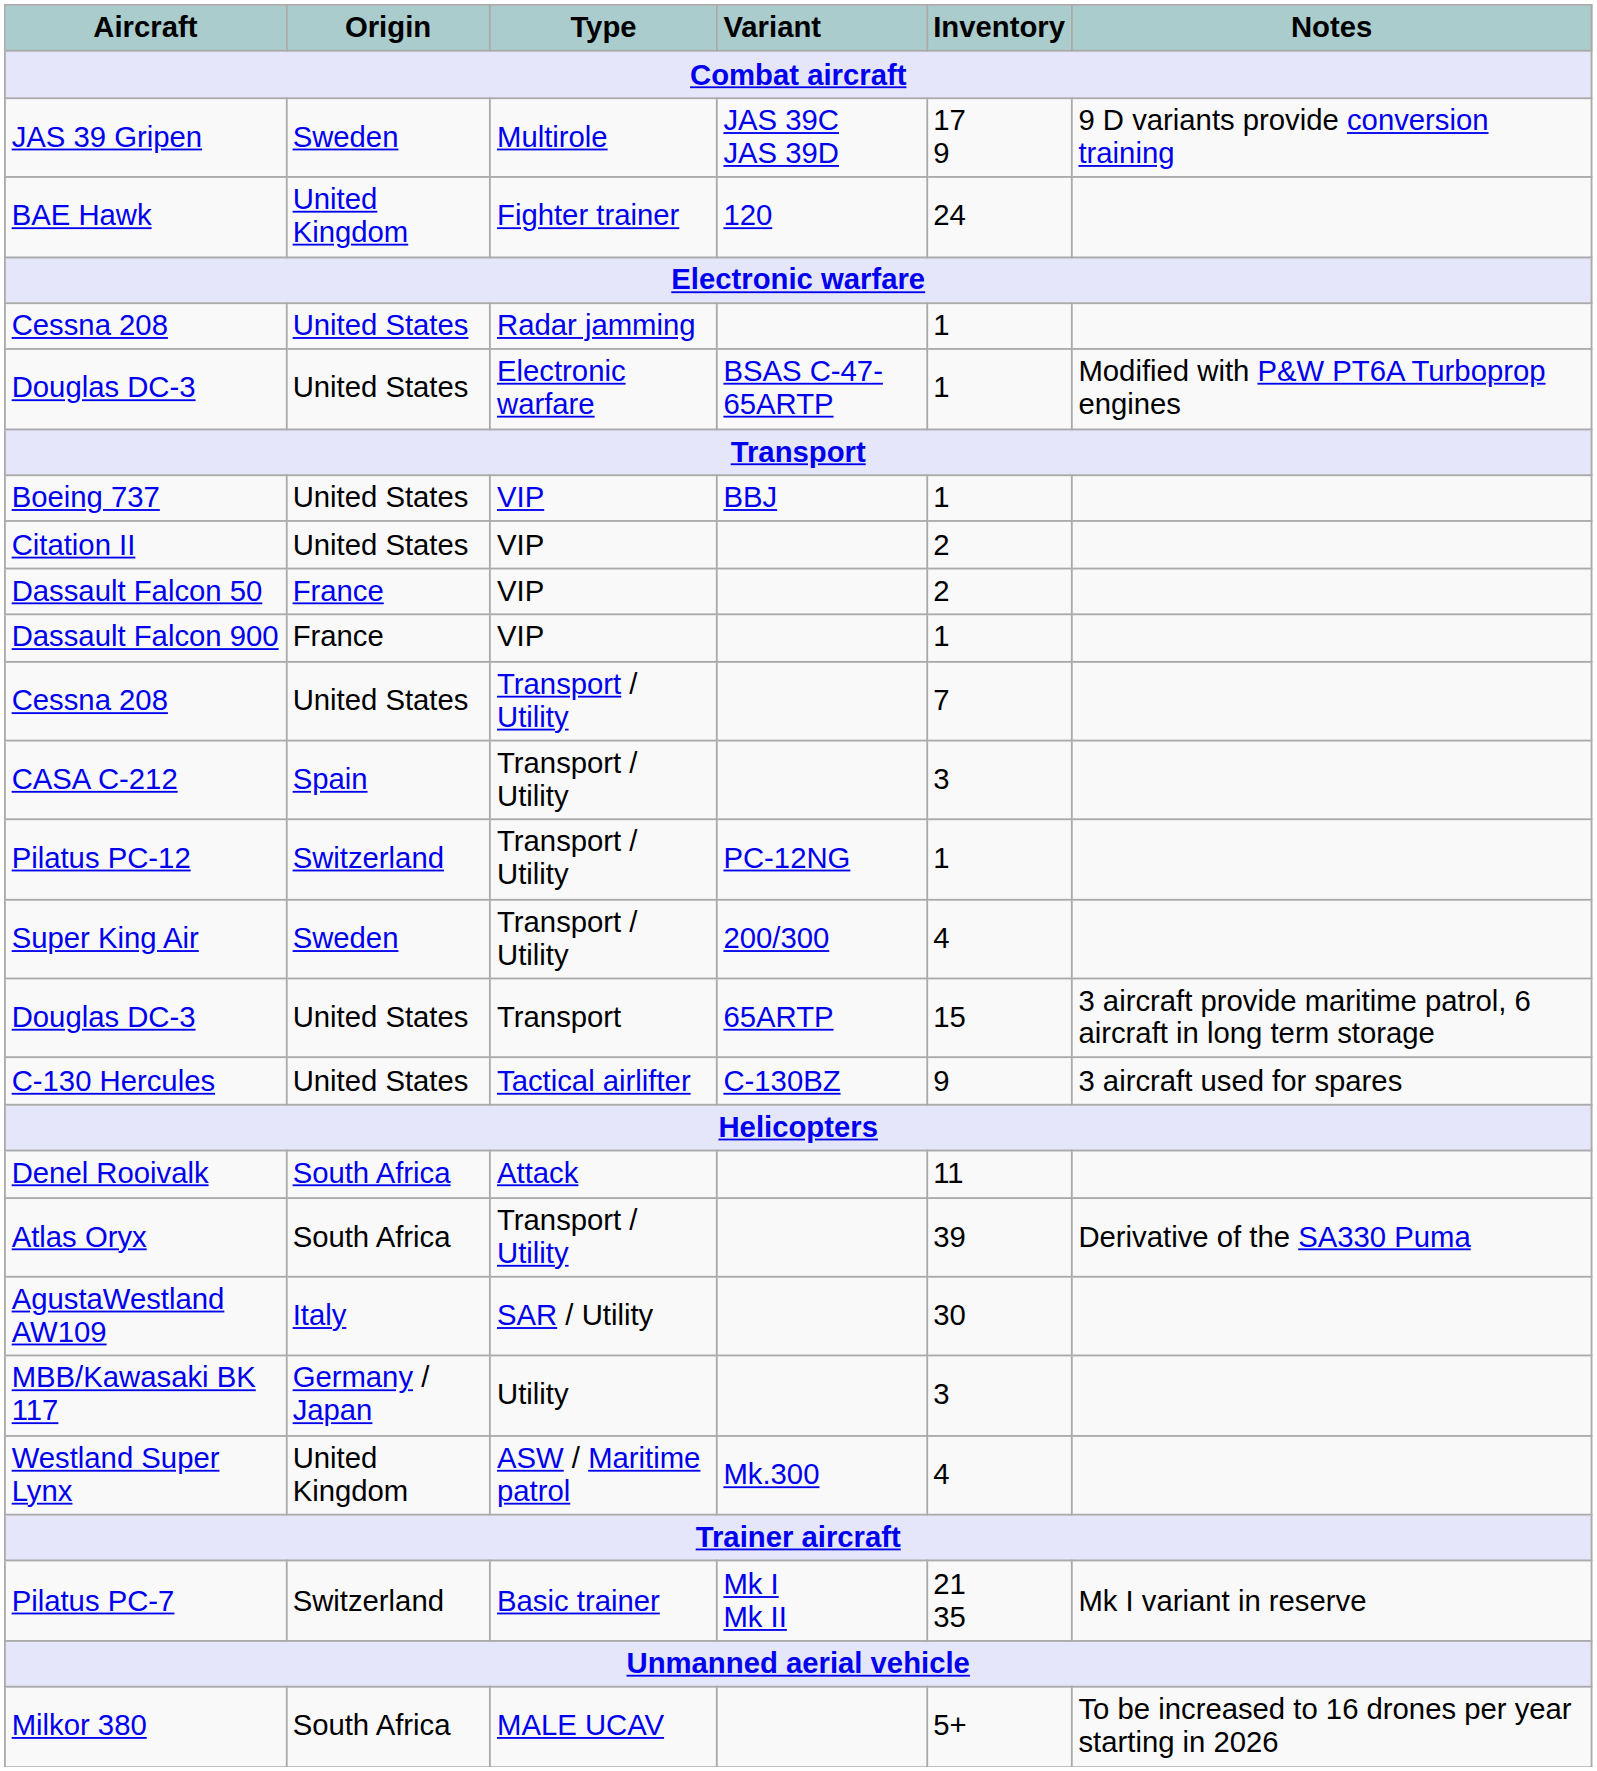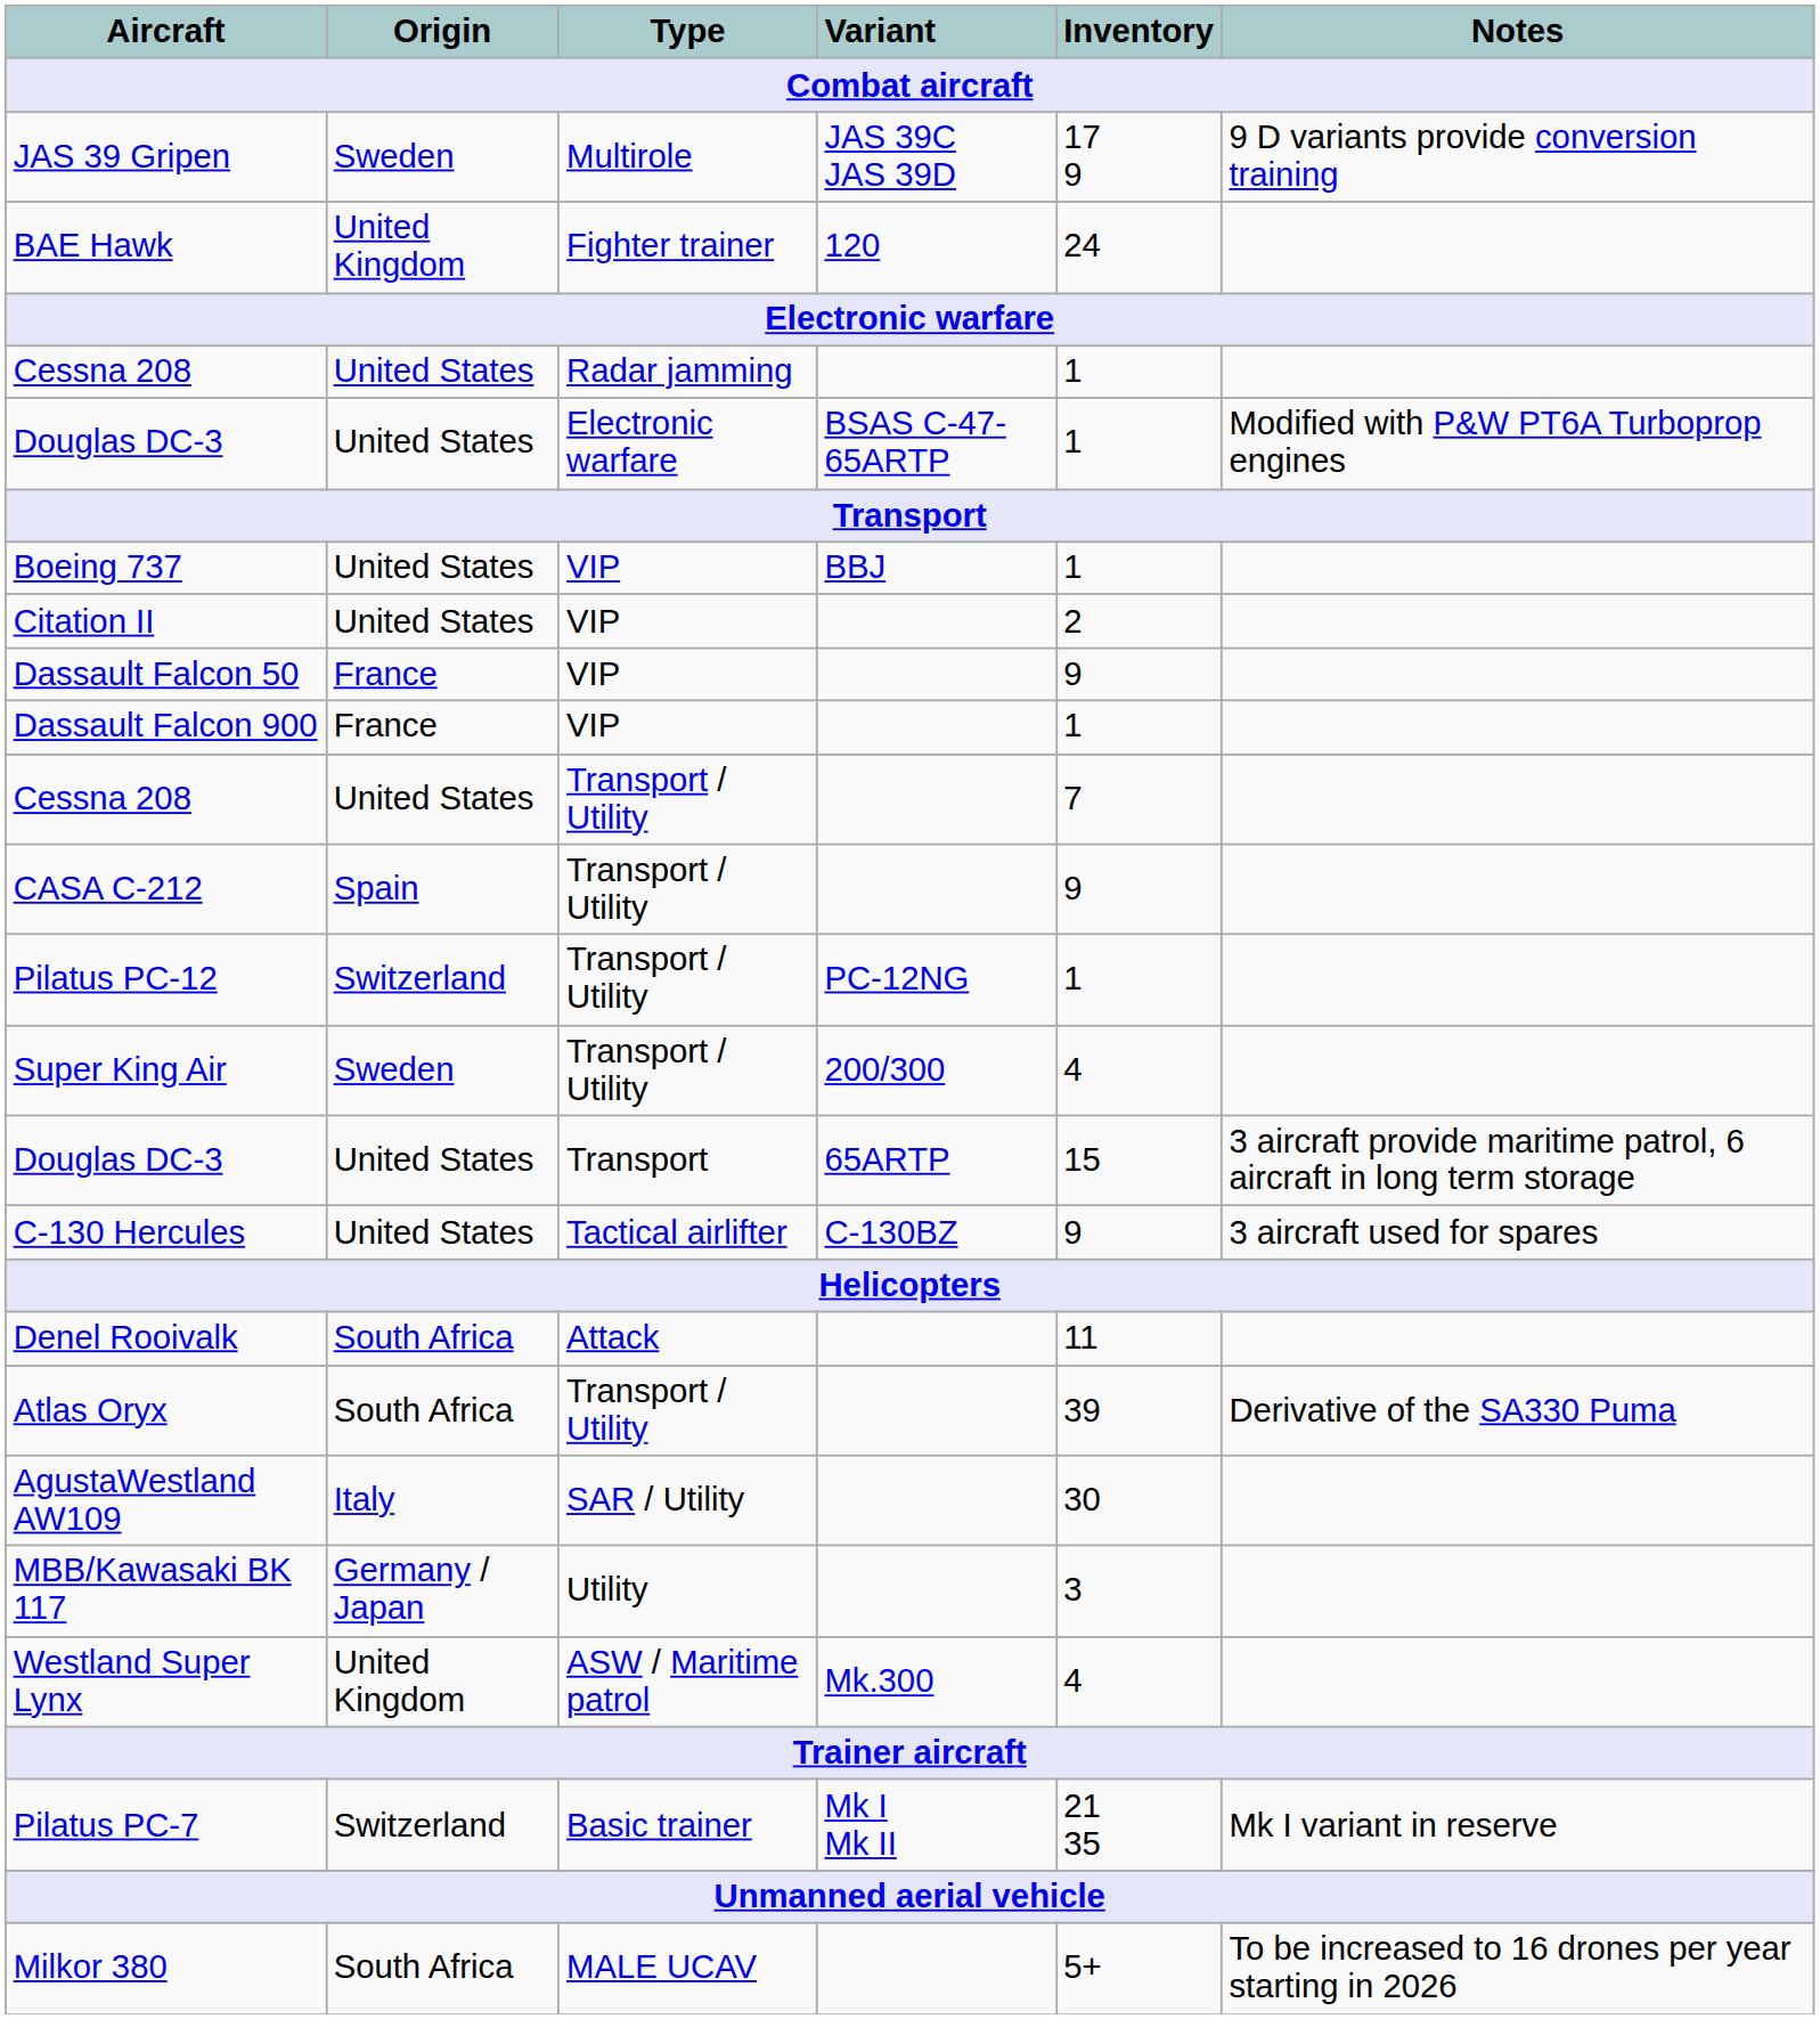 <table class="wikitable">
 <tr>
 <th style="text-align:center; background:#acc;">Aircraft</th>
 <th style="text-align: center; background:#acc;">Origin</th>
 <th style="text-align:l center; background:#acc;">Type</th>
 <th style="text-align:left; background:#acc;">Variant</th>
 <th style="text-align:center; background:#acc;">Inventory</th>
 <th style="text-align: center; background:#acc;">Notes</th>
 </tr>
 <tr>
 <th colspan="6" style="align: center; background: lavender;"><a href='#'>Combat aircraft</a></th>
 </tr>
 <tr>
 <td><a href='#'>JAS 39 Gripen</a></td>
 <td><a href='#'>Sweden</a></td>
 <td><a href='#'>Multirole</a></td>
 <td><a href='#'>JAS 39C</a><br><a href='#'>JAS 39D</a></td>
 <td>17<br>9</td>
 <td>9 D variants provide <a href='#'>conversion training</a></td>
 </tr>
 <tr>
 <td><a href='#'>BAE Hawk</a></td>
 <td><a href='#'>United Kingdom</a></td>
 <td><a href='#'>Fighter trainer</a></td>
 <td><a href='#'>120</a></td>
 <td>24</td>
 <td></td>
 </tr>
 <tr>
 <th colspan="6" style="align: center; background: lavender;"><a href='#'>Electronic warfare</a></th>
 </tr>
 <tr>
 <td><a href='#'>Cessna 208</a></td>
 <td><a href='#'>United States</a></td>
 <td><a href='#'>Radar jamming</a></td>
 <td></td>
 <td>1</td>
 <td></td>
 </tr>
 <tr>
 <td><a href='#'>Douglas DC-3</a></td>
 <td>United States</td>
 <td><a href='#'>Electronic warfare</a></td>
 <td><a href='#'>BSAS C-47-65ARTP</a></td>
 <td>1</td>
 <td>Modified with <a href='#'>P&W PT6A Turboprop</a> engines</td>
 </tr>
 <tr>
 <th colspan="6" style="align: center; background: lavender;"><a href='#'>Transport</a></th>
 </tr>
 <tr>
 <td><a href='#'>Boeing 737</a></td>
 <td>United States</td>
 <td><a href='#'>VIP</a></td>
 <td><a href='#'>BBJ</a></td>
 <td>1</td>
 <td></td>
 </tr>
 <tr>
 <td><a href='#'>Citation II</a></td>
 <td>United States</td>
 <td>VIP</td>
 <td></td>
 <td>2</td>
 <td></td>
 </tr>
 <tr>
 <td><a href='#'>Dassault Falcon 50</a></td>
 <td><a href='#'>France</a></td>
 <td>VIP</td>
 <td></td>
-<td>2</td>
+<td>9</td>
 <td></td>
 </tr>
 <tr>
 <td><a href='#'>Dassault Falcon 900</a></td>
 <td>France</td>
 <td>VIP</td>
 <td></td>
 <td>1</td>
 <td></td>
 </tr>
 <tr>
 <td><a href='#'>Cessna 208</a></td>
 <td>United States</td>
 <td><a href='#'>Transport</a> / <a href='#'>Utility</a></td>
 <td></td>
 <td>7</td>
 <td></td>
 </tr>
 <tr>
 <td><a href='#'>CASA C-212</a></td>
 <td><a href='#'>Spain</a></td>
 <td>Transport / Utility</td>
 <td></td>
-<td>3</td>
+<td>9</td>
 <td></td>
 </tr>
 <tr>
 <td><a href='#'>Pilatus PC-12</a></td>
 <td><a href='#'>Switzerland</a></td>
 <td>Transport / Utility</td>
 <td><a href='#'>PC-12NG</a></td>
 <td>1</td>
 <td></td>
 </tr>
 <tr>
 <td><a href='#'>Super King Air</a></td>
 <td><a href='#'>Sweden</a></td>
 <td>Transport / Utility</td>
 <td><a href='#'>200/300</a></td>
 <td>4</td>
 <td></td>
 </tr>
 <tr>
 <td><a href='#'>Douglas DC-3</a></td>
 <td>United States</td>
 <td>Transport</td>
 <td><a href='#'>65ARTP</a></td>
 <td>15</td>
 <td>3 aircraft provide maritime patrol, 6 aircraft in long term storage</td>
 </tr>
 <tr>
 <td><a href='#'>C-130 Hercules</a></td>
 <td>United States</td>
 <td><a href='#'>Tactical airlifter</a></td>
 <td><a href='#'>C-130BZ</a></td>
 <td>9</td>
 <td>3 aircraft used for spares</td>
 </tr>
 <tr>
 <th colspan="6" style="align: center; background: lavender;"><a href='#'>Helicopters</a></th>
 </tr>
 <tr>
 <td><a href='#'>Denel Rooivalk</a></td>
 <td><a href='#'>South Africa</a></td>
 <td><a href='#'>Attack</a></td>
 <td></td>
 <td>11</td>
 <td></td>
 </tr>
 <tr>
 <td><a href='#'>Atlas Oryx</a></td>
 <td>South Africa</td>
 <td>Transport / <a href='#'>Utility</a></td>
 <td></td>
 <td>39</td>
 <td>Derivative of the <a href='#'>SA330 Puma</a></td>
 </tr>
 <tr>
 <td><a href='#'>AgustaWestland AW109</a></td>
 <td><a href='#'>Italy</a></td>
 <td><a href='#'>SAR</a> / Utility</td>
 <td></td>
 <td>30</td>
 <td></td>
 </tr>
 <tr>
 <td><a href='#'>MBB/Kawasaki BK 117</a></td>
 <td><a href='#'>Germany</a> / <a href='#'>Japan</a></td>
 <td>Utility</td>
 <td></td>
 <td>3</td>
 <td></td>
 </tr>
 <tr>
 <td><a href='#'>Westland Super Lynx</a></td>
 <td>United Kingdom</td>
 <td><a href='#'>ASW</a> / <a href='#'>Maritime patrol</a></td>
 <td><a href='#'>Mk.300</a></td>
 <td>4</td>
 <td></td>
 </tr>
 <tr>
 <th colspan="6" style="align: center; background: lavender;"><a href='#'>Trainer aircraft</a></th>
 </tr>
 <tr>
 <td><a href='#'>Pilatus PC-7</a></td>
 <td>Switzerland</td>
 <td><a href='#'>Basic trainer</a></td>
 <td><a href='#'>Mk I</a><br><a href='#'>Mk II</a></td>
 <td>21<br>35</td>
 <td>Mk I variant in reserve</td>
 </tr>
 <tr>
 <th colspan="6" style="align: center; background: lavender;"><a href='#'>Unmanned aerial vehicle</a></th>
 </tr>
 <tr>
 <td><a href='#'>Milkor 380</a></td>
 <td>South Africa</td>
 <td><a href='#'>MALE UCAV</a></td>
 <td></td>
 <td>5+</td>
 <td>To be increased to 16 drones per year starting in 2026</td>
 </tr>
 </table>
